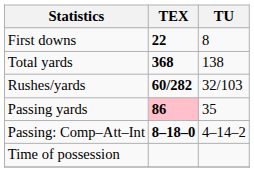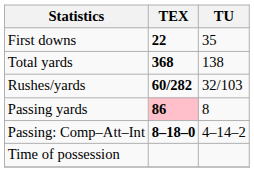 <table class="wikitable" style="float: left;">
 <tr>
 <th>Statistics</th>
 <th>TEX</th>
 <th>TU</th>
 </tr>
 <tr>
 <td>First downs</td>
 <td><strong>22</strong></td>
-<td>8</td>
+<td>35</td>
 </tr>
 <tr>
 <td>Total yards</td>
 <td><strong>368</strong></td>
 <td>138</td>
 </tr>
 <tr>
 <td>Rushes/yards</td>
 <td><strong>60/282</strong></td>
 <td>32/103</td>
 </tr>
 <tr>
 <td>Passing yards</td>
 <td style="background: pink;"><strong>86</strong></td>
-<td>35</td>
+<td>8</td>
 </tr>
 <tr>
 <td>Passing: Comp–Att–Int</td>
 <td><strong>8–18–0</strong></td>
 <td>4–14–2</td>
 </tr>
 <tr>
 <td>Time of possession</td>
 <td></td>
 <td></td>
 </tr>
 <tr>
 </tr>
 </table>
